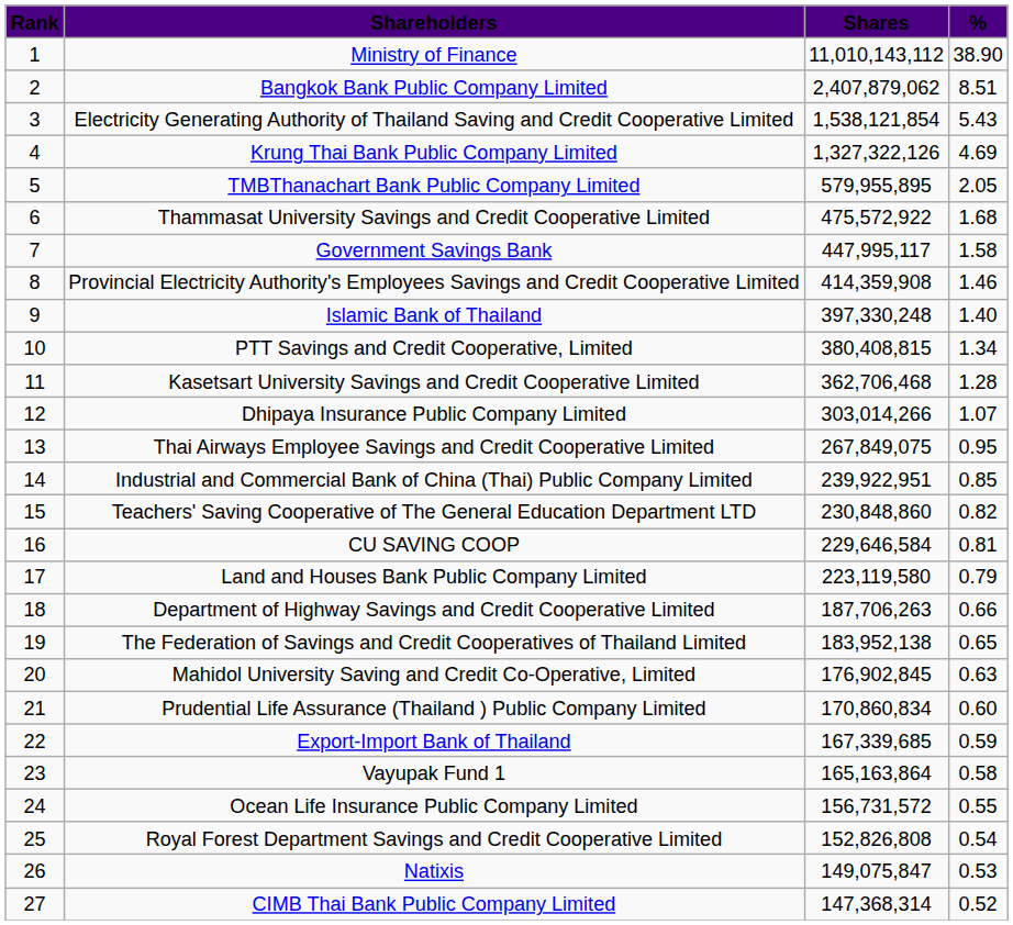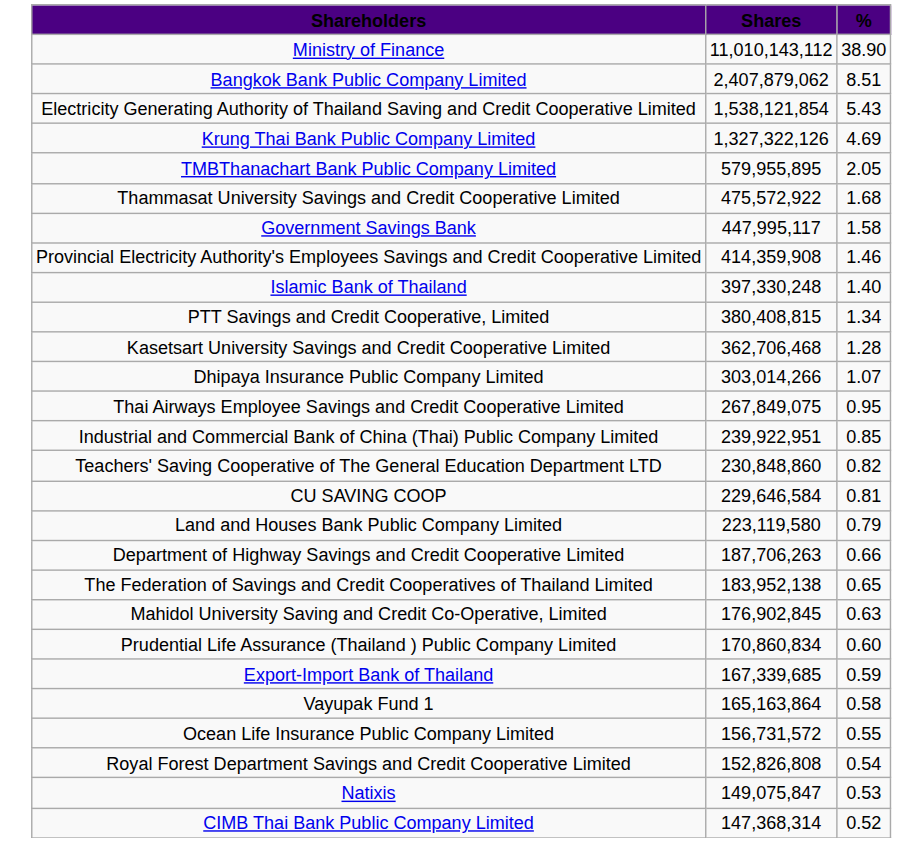 <table class="wikitable" style="margin:auto;font-align:center;text-align:center;font-size:80%;">
 <tr>
-<th style="background:Indigo;"><span>Rank</span></th>
 <th style="background:Indigo;"><span>Shareholders</span></th>
 <th style="background:Indigo;"><span>Shares</span></th>
 <th style="background:Indigo;"><span>%</span></th>
 </tr>
 <tr>
-<td>1</td>
 <td><a href='#'>Ministry of Finance</a></td>
 <td>11,010,143,112</td>
 <td>38.90</td>
 </tr>
 <tr>
-<td>2</td>
 <td><a href='#'>Bangkok Bank Public Company Limited</a></td>
 <td>2,407,879,062</td>
 <td>8.51</td>
 </tr>
 <tr>
-<td>3</td>
 <td>Electricity Generating Authority of Thailand Saving and Credit Cooperative Limited</td>
 <td>1,538,121,854</td>
 <td>5.43</td>
 </tr>
 <tr>
-<td>4</td>
 <td><a href='#'>Krung Thai Bank Public Company Limited</a></td>
 <td>1,327,322,126</td>
 <td>4.69</td>
 </tr>
 <tr>
-<td>5</td>
 <td><a href='#'>TMBThanachart Bank Public Company Limited</a></td>
 <td>579,955,895</td>
 <td>2.05</td>
 </tr>
 <tr>
-<td>6</td>
 <td>Thammasat University Savings and Credit Cooperative Limited</td>
 <td>475,572,922</td>
 <td>1.68</td>
 </tr>
 <tr>
-<td>7</td>
 <td><a href='#'>Government Savings Bank</a></td>
 <td>447,995,117</td>
 <td>1.58</td>
 </tr>
 <tr>
-<td>8</td>
 <td>Provincial Electricity Authority's Employees Savings and Credit Cooperative Limited</td>
 <td>414,359,908</td>
 <td>1.46</td>
 </tr>
 <tr>
-<td>9</td>
 <td><a href='#'>Islamic Bank of Thailand</a></td>
 <td>397,330,248</td>
 <td>1.40</td>
 </tr>
 <tr>
-<td>10</td>
 <td>PTT Savings and Credit Cooperative, Limited</td>
 <td>380,408,815</td>
 <td>1.34</td>
 </tr>
 <tr>
-<td>11</td>
 <td>Kasetsart University Savings and Credit Cooperative Limited</td>
 <td>362,706,468</td>
 <td>1.28</td>
 </tr>
 <tr>
-<td>12</td>
 <td>Dhipaya Insurance Public Company Limited</td>
 <td>303,014,266</td>
 <td>1.07</td>
 </tr>
 <tr>
-<td>13</td>
 <td>Thai Airways Employee Savings and Credit Cooperative Limited</td>
 <td>267,849,075</td>
 <td>0.95</td>
 </tr>
 <tr>
-<td>14</td>
 <td>Industrial and Commercial Bank of China (Thai) Public Company Limited</td>
 <td>239,922,951</td>
 <td>0.85</td>
 </tr>
 <tr>
-<td>15</td>
 <td>Teachers' Saving Cooperative of The General Education Department LTD</td>
 <td>230,848,860</td>
 <td>0.82</td>
 </tr>
 <tr>
-<td>16</td>
 <td>CU SAVING COOP</td>
 <td>229,646,584</td>
 <td>0.81</td>
 </tr>
 <tr>
-<td>17</td>
 <td>Land and Houses Bank Public Company Limited</td>
 <td>223,119,580</td>
 <td>0.79</td>
 </tr>
 <tr>
-<td>18</td>
 <td>Department of Highway Savings and Credit Cooperative Limited</td>
 <td>187,706,263</td>
 <td>0.66</td>
 </tr>
 <tr>
-<td>19</td>
 <td>The Federation of Savings and Credit Cooperatives of Thailand Limited</td>
 <td>183,952,138</td>
 <td>0.65</td>
 </tr>
 <tr>
-<td>20</td>
 <td>Mahidol University Saving and Credit Co-Operative, Limited</td>
 <td>176,902,845</td>
 <td>0.63</td>
 </tr>
 <tr>
-<td>21</td>
 <td>Prudential Life Assurance (Thailand ) Public Company Limited</td>
 <td>170,860,834</td>
 <td>0.60</td>
 </tr>
 <tr>
-<td>22</td>
 <td><a href='#'>Export-Import Bank of Thailand</a></td>
 <td>167,339,685</td>
 <td>0.59</td>
 </tr>
 <tr>
-<td>23</td>
 <td>Vayupak Fund 1</td>
 <td>165,163,864</td>
 <td>0.58</td>
 </tr>
 <tr>
-<td>24</td>
 <td>Ocean Life Insurance Public Company Limited</td>
 <td>156,731,572</td>
 <td>0.55</td>
 </tr>
 <tr>
-<td>25</td>
 <td>Royal Forest Department Savings and Credit Cooperative Limited</td>
 <td>152,826,808</td>
 <td>0.54</td>
 </tr>
 <tr>
-<td>26</td>
 <td><a href='#'>Natixis</a></td>
 <td>149,075,847</td>
 <td>0.53</td>
 </tr>
 <tr>
-<td>27</td>
 <td><a href='#'>CIMB Thai Bank Public Company Limited</a></td>
 <td>147,368,314</td>
 <td>0.52</td>
 </tr>
 </table>
